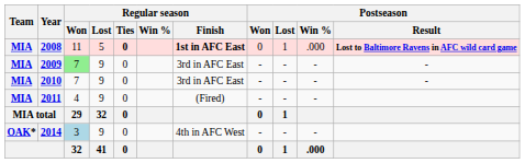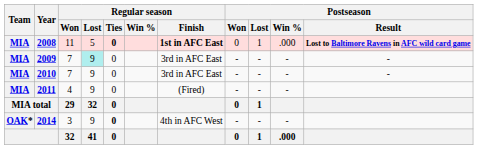 <table class="wikitable" style="font-size: 95%; text-align:center;">
 <tr>
 <th rowspan="2">Team</th>
 <th rowspan="2">Year</th>
 <th colspan="5">Regular season</th>
 <th colspan="4">Postseason</th>
 </tr>
 <tr>
 <th>Won</th>
 <th>Lost</th>
 <th>Ties</th>
 <th>Win %</th>
 <th>Finish</th>
 <th>Won</th>
 <th>Lost</th>
 <th>Win %</th>
 <th>Result</th>
 </tr>
 <tr ! style="background:#fdd;">
 <th><a href='#'>MIA</a></th>
 <th><a href='#'>2008</a></th>
 <td>11</td>
 <td>5</td>
 <td><strong>0</strong></td>
 <td></td>
 <td><strong>1st in AFC East</strong></td>
 <td>0</td>
 <td>1</td>
 <td>.000</td>
 <td><small><strong>Lost to <a href='#'>Baltimore Ravens</a> in <a href='#'>AFC wild card game</a></strong></small></td>
 </tr>
 <tr>
 <th><a href='#'>MIA</a></th>
 <th><a href='#'>2009</a></th>
-<td style="background: lightgreen;">7</td>
-<td>9</td>
+<td>7</td>
+<td style="background: paleturquoise;">9</td>
 <td>0</td>
 <td></td>
 <td>3rd in AFC East</td>
 <td>-</td>
 <td>-</td>
 <td>-</td>
 <td>-</td>
 </tr>
 <tr>
 <th><a href='#'>MIA</a></th>
 <th><a href='#'>2010</a></th>
 <td>7</td>
 <td>9</td>
 <td>0</td>
 <td></td>
 <td>3rd in AFC East</td>
 <td>-</td>
 <td>-</td>
 <td>-</td>
 <td>-</td>
 </tr>
 <tr>
 <th><a href='#'>MIA</a></th>
 <th><a href='#'>2011</a></th>
 <td>4</td>
 <td>9</td>
 <td>0</td>
 <td></td>
 <td>(Fired)</td>
 <td>-</td>
 <td>-</td>
 <td>-</td>
 <td></td>
 </tr>
 <tr>
 <th colspan="2">MIA total</th>
 <th>29</th>
 <th>32</th>
 <th>0</th>
 <th></th>
 <th></th>
 <th>0</th>
 <th>1</th>
 <th></th>
 <th></th>
 </tr>
 <tr>
 <th><a href='#'>OAK</a>*</th>
 <th><a href='#'>2014</a></th>
-<td style="background: lightblue;">3</td>
+<td>3</td>
 <td>9</td>
-<td>0</td>
+<td><strong>0</strong></td>
 <td></td>
 <td>4th in AFC West</td>
 <td>-</td>
 <td>-</td>
 <td>-</td>
 <td></td>
 </tr>
 <tr>
 <th colspan="2"></th>
 <th>32</th>
 <th>41</th>
 <th>0</th>
 <th></th>
 <th></th>
 <th>0</th>
 <th>1</th>
 <th>.000</th>
 <th></th>
 </tr>
 </table>
